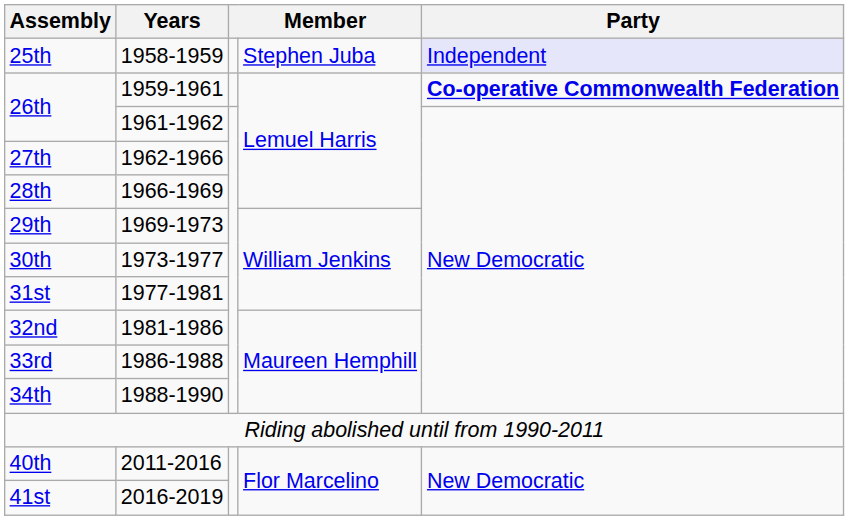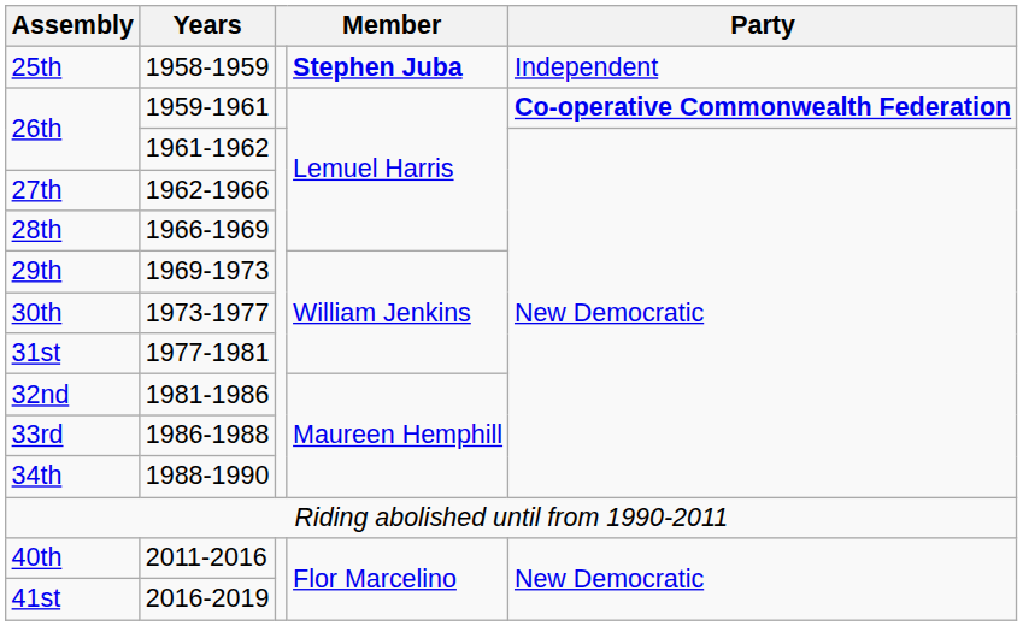 <table class="wikitable">
 <tr>
 <th>Assembly</th>
 <th>Years</th>
 <th colspan="2">Member</th>
 <th>Party</th>
 </tr>
 <tr>
 <td><a href='#'>25th</a></td>
 <td>1958-1959</td>
 <td></td>
-<td><a href='#'>Stephen Juba</a></td>
-<td style="background: lavender;"><a href='#'>Independent</a></td>
+<td><strong><a href='#'>Stephen Juba</a></strong></td>
+<td><a href='#'>Independent</a></td>
 </tr>
 <tr>
 <td rowspan=2><a href='#'>26th</a></td>
 <td>1959-1961</td>
 <td></td>
 <td rowspan=4><a href='#'>Lemuel Harris</a></td>
 <td><strong><a href='#'>Co-operative Commonwealth Federation</a></strong></td>
 </tr>
 <tr>
 <td>1961-1962</td>
 <td rowspan=9 ></td>
 <td rowspan=9><a href='#'>New Democratic</a></td>
 </tr>
 <tr>
 <td><a href='#'>27th</a></td>
 <td>1962-1966</td>
 </tr>
 <tr>
 <td><a href='#'>28th</a></td>
 <td>1966-1969</td>
 </tr>
 <tr>
 <td><a href='#'>29th</a></td>
 <td>1969-1973</td>
 <td rowspan=3><a href='#'>William Jenkins</a></td>
 </tr>
 <tr>
 <td><a href='#'>30th</a></td>
 <td>1973-1977</td>
 </tr>
 <tr>
 <td><a href='#'>31st</a></td>
 <td>1977-1981</td>
 </tr>
 <tr>
 <td><a href='#'>32nd</a></td>
 <td>1981-1986</td>
 <td rowspan=3><a href='#'>Maureen Hemphill</a></td>
 </tr>
 <tr>
 <td><a href='#'>33rd</a></td>
 <td>1986-1988</td>
 </tr>
 <tr>
 <td><a href='#'>34th</a></td>
 <td>1988-1990</td>
 </tr>
 <tr>
 <td align="center" colspan=5><em>Riding abolished until from 1990-2011</em></td>
 </tr>
 <tr>
 <td><a href='#'>40th</a></td>
 <td>2011-2016</td>
 <td rowspan=2 ></td>
 <td rowspan=2><a href='#'>Flor Marcelino</a></td>
 <td rowspan=2><a href='#'>New Democratic</a></td>
 </tr>
 <tr>
 <td><a href='#'>41st</a></td>
 <td>2016-2019</td>
 </tr>
 </table>
